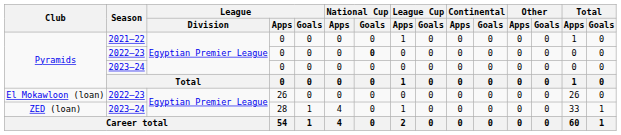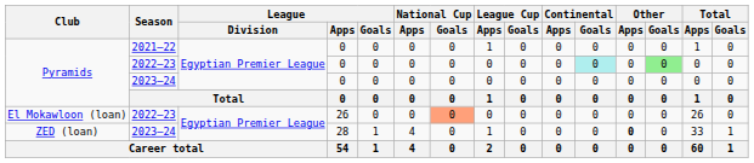 <table class="wikitable" style="text-align: center;">
 <tr>
 <th rowspan=2>Club</th>
 <th rowspan=2>Season</th>
 <th colspan=3>League</th>
 <th colspan=2>National Cup</th>
 <th colspan=2>League Cup</th>
 <th colspan=2>Continental</th>
 <th colspan=2>Other</th>
 <th colspan=2>Total</th>
 </tr>
 <tr>
 <th>Division</th>
 <th>Apps</th>
 <th>Goals</th>
 <th>Apps</th>
 <th>Goals</th>
 <th>Apps</th>
 <th>Goals</th>
 <th>Apps</th>
 <th>Goals</th>
 <th>Apps</th>
 <th>Goals</th>
 <th>Apps</th>
 <th>Goals</th>
 </tr>
 <tr>
 <td rowspan="4"><a href='#'>Pyramids</a></td>
 <td><a href='#'>2021–22</a></td>
 <td rowspan="3"><a href='#'>Egyptian Premier League</a></td>
 <td>0</td>
 <td>0</td>
 <td>0</td>
 <td>0</td>
 <td>1</td>
 <td>0</td>
 <td>0</td>
 <td>0</td>
 <td>0</td>
 <td>0</td>
 <td>1</td>
 <td>0</td>
 </tr>
 <tr>
 <td><a href='#'>2022–23</a></td>
 <td>0</td>
 <td>0</td>
 <td>0</td>
-<td><strong>0</strong></td>
 <td>0</td>
 <td>0</td>
 <td>0</td>
 <td>0</td>
+<td style="background: paleturquoise;">0</td>
 <td>0</td>
-<td>0</td>
+<td style="background: lightgreen;">0</td>
 <td>0</td>
 <td>0</td>
 </tr>
 <tr>
 <td><a href='#'>2023–24</a></td>
 <td>0</td>
 <td>0</td>
 <td>0</td>
 <td>0</td>
 <td>0</td>
 <td>0</td>
 <td>0</td>
 <td>0</td>
 <td>0</td>
 <td>0</td>
 <td>0</td>
 <td>0</td>
 </tr>
 <tr>
 <th colspan=2>Total</th>
 <th>0</th>
 <th>0</th>
 <th>0</th>
 <th>0</th>
 <th>1</th>
 <th>0</th>
 <th>0</th>
 <th>0</th>
 <th>0</th>
 <th>0</th>
 <th>1</th>
 <th>0</th>
 </tr>
 <tr>
 <td><a href='#'>El Mokawloon</a> (loan)</td>
 <td><a href='#'>2022–23</a></td>
 <td rowspan="2"><a href='#'>Egyptian Premier League</a></td>
 <td>26</td>
 <td>0</td>
 <td>0</td>
-<td>0</td>
+<td style="background: lightsalmon;">0</td>
 <td>0</td>
 <td>0</td>
 <td>0</td>
 <td>0</td>
 <td>0</td>
 <td>0</td>
 <td>26</td>
 <td>0</td>
 </tr>
 <tr>
 <td><a href='#'>ZED</a> (loan)</td>
 <td><a href='#'>2023–24</a></td>
 <td>28</td>
 <td>1</td>
 <td>4</td>
 <td>0</td>
 <td>1</td>
 <td>0</td>
 <td>0</td>
 <td>0</td>
-<td>0</td>
+<td><strong>0</strong></td>
 <td>0</td>
 <td>33</td>
 <td>1</td>
 </tr>
 <tr>
 <th colspan=3>Career total</th>
 <th>54</th>
 <th>1</th>
 <th>4</th>
 <th>0</th>
 <th>2</th>
 <th>0</th>
 <th>0</th>
 <th>0</th>
 <th>0</th>
 <th>0</th>
 <th>60</th>
 <th>1</th>
 </tr>
 </table>
